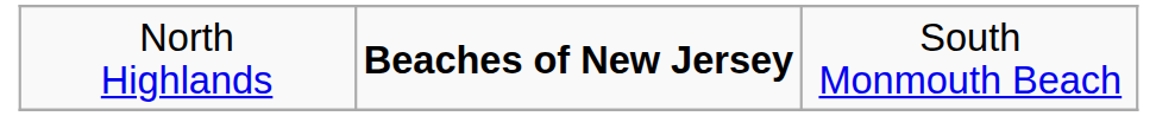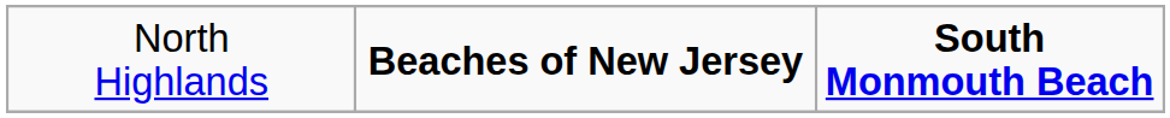 <table class="wikitable succession-box" style="margin:0.5em auto; font-size:95%;clear:both;">
 <tr style="text-align: center;">
 </tr>
 <tr style="text-align:center;">
 <td style="width:30%;" rowspan="1">North<br><span><a href='#'>Highlands</a></span></td>
 <td style="width: 40%; text-align: center;" rowspan="1"><strong>Beaches of New Jersey</strong></td>
-<td style="width: 30%; text-align: center;" rowspan="1">South<br><span><a href='#'>Monmouth Beach</a></span></td>
+<td style="width: 30%; text-align: center;" rowspan="1"><strong>South<br><span><a href='#'>Monmouth Beach</a></span></strong></td>
 </tr>
 <tr>
 </tr>
 </table>
